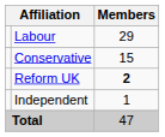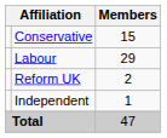 <table class="wikitable">
 <tr>
 <th colspan="2">Affiliation</th>
 <th>Members</th>
+</tr>
+<tr>
+<td style="color:inherit;background:"></td>
+<td><a href='#'>Conservative</a></td>
+<td style="text-align:center;">15</td>
 </tr>
 <tr>
 <td style="color:inherit;background:"></td>
 <td><a href='#'>Labour</a></td>
 <td style="text-align:center;">29</td>
 </tr>
 <tr>
 <td style="color:inherit;background:"></td>
-<td><a href='#'>Conservative</a></td>
-<td style="text-align:center;">15</td>
-</tr>
-<tr>
-<td style="color:inherit;background:"></td>
 <td><a href='#'>Reform UK</a></td>
-<td style="text-align:center;"><strong>2</strong></td>
+<td style="text-align:center;">2</td>
 </tr>
 <tr>
 <td style="color:inherit;background:"></td>
 <td>Independent</td>
 <td style="text-align:center;">1</td>
 </tr>
 <tr style="background:#ccc;">
 <td colspan="2"> <strong>Total</strong></td>
 <td style="text-align:center;">47</td>
 </tr>
 </table>
